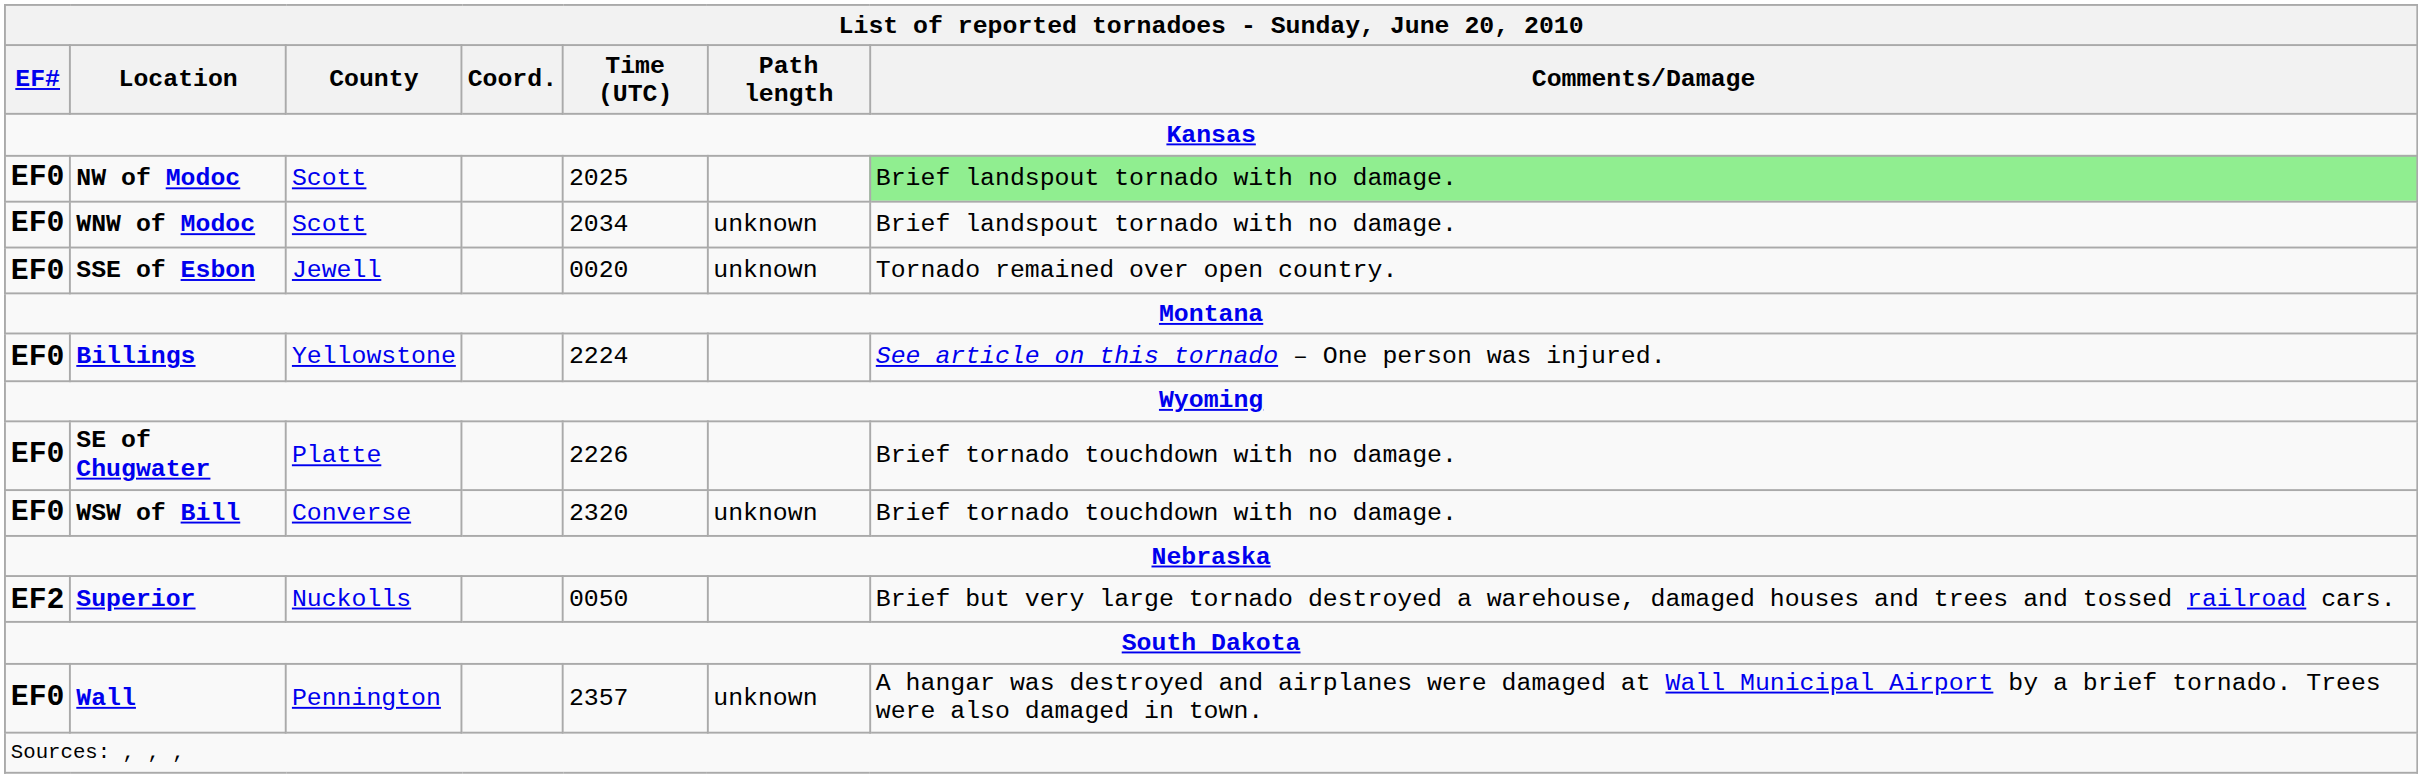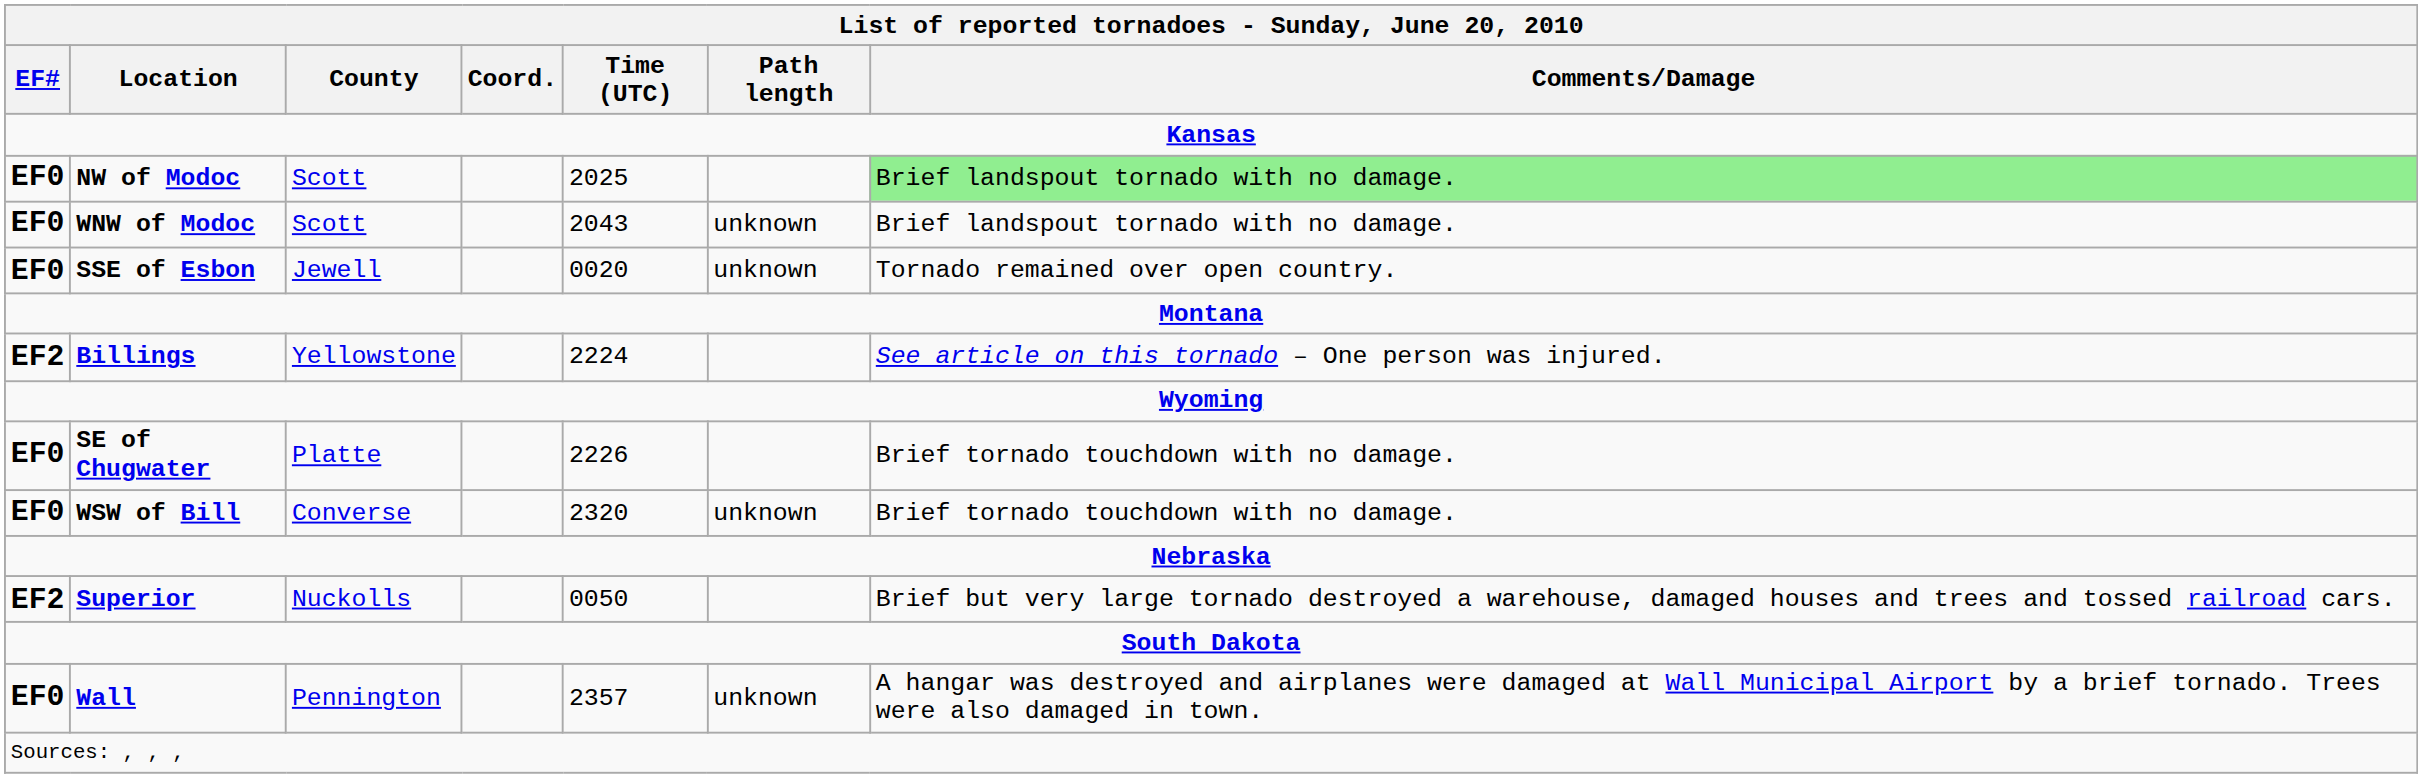 <table class="wikitable collapsible" width="100%">
 <tr>
 <th colspan="7">List of reported tornadoes - Sunday, June 20, 2010</th>
 </tr>
 <tr>
 <th><a href='#'>EF#</a></th>
 <th>Location</th>
 <th>County</th>
 <th>Coord.</th>
 <th>Time (UTC)</th>
 <th>Path length</th>
 <th>Comments/Damage</th>
 </tr>
 <tr>
 <td colspan="7" align=center><strong><a href='#'>Kansas</a></strong></td>
 </tr>
 <tr>
 <td><big><strong>EF0</strong></big></td>
 <td><strong>NW of <a href='#'>Modoc</a></strong></td>
 <td><a href='#'>Scott</a></td>
 <td></td>
 <td>2025</td>
 <td></td>
 <td style="background: lightgreen;">Brief landspout tornado with no damage.</td>
 </tr>
 <tr>
 <td><big><strong>EF0</strong></big></td>
 <td><strong>WNW of <a href='#'>Modoc</a></strong></td>
 <td><a href='#'>Scott</a></td>
 <td></td>
-<td>2034</td>
+<td>2043</td>
 <td>unknown</td>
 <td>Brief landspout tornado with no damage.</td>
 </tr>
 <tr>
 <td><big><strong>EF0</strong></big></td>
 <td><strong>SSE of <a href='#'>Esbon</a></strong></td>
 <td><a href='#'>Jewell</a></td>
 <td></td>
 <td>0020</td>
 <td>unknown</td>
 <td>Tornado remained over open country.</td>
 </tr>
 <tr>
 <td colspan="7" align=center><strong><a href='#'>Montana</a></strong></td>
 </tr>
 <tr>
-<td><big><strong>EF0</strong></big></td>
+<td><big><strong>EF2</strong></big></td>
 <td><strong><a href='#'>Billings</a></strong></td>
 <td><a href='#'>Yellowstone</a></td>
 <td></td>
 <td>2224</td>
 <td></td>
 <td><em><a href='#'>See article on this tornado</a></em> – One person was injured.</td>
 </tr>
 <tr>
 <td colspan="7" align=center><strong><a href='#'>Wyoming</a></strong></td>
 </tr>
 <tr>
 <td><big><strong>EF0</strong></big></td>
 <td><strong>SE of <a href='#'>Chugwater</a></strong></td>
 <td><a href='#'>Platte</a></td>
 <td></td>
 <td>2226</td>
 <td></td>
 <td>Brief tornado touchdown with no damage.</td>
 </tr>
 <tr>
 <td><big><strong>EF0</strong></big></td>
 <td><strong>WSW of <a href='#'>Bill</a></strong></td>
 <td><a href='#'>Converse</a></td>
 <td></td>
 <td>2320</td>
 <td>unknown</td>
 <td>Brief tornado touchdown with no damage.</td>
 </tr>
 <tr>
 <td colspan="7" align=center><strong><a href='#'>Nebraska</a></strong></td>
 </tr>
 <tr>
 <td><big><strong>EF2</strong></big></td>
 <td><strong><a href='#'>Superior</a></strong></td>
 <td><a href='#'>Nuckolls</a></td>
 <td></td>
 <td>0050</td>
 <td></td>
 <td>Brief but very large tornado destroyed a warehouse, damaged houses and trees and tossed <a href='#'>railroad</a> cars.</td>
 </tr>
 <tr>
 <td colspan="7" align=center><strong><a href='#'>South Dakota</a></strong></td>
 </tr>
 <tr>
 <td><big><strong>EF0</strong></big></td>
 <td><strong><a href='#'>Wall</a></strong></td>
 <td><a href='#'>Pennington</a></td>
 <td></td>
 <td>2357</td>
 <td>unknown</td>
 <td>A hangar was destroyed and airplanes were damaged at <a href='#'>Wall Municipal Airport</a> by a brief tornado. Trees were also damaged in town.</td>
 </tr>
 <tr>
 <td colspan="7"><small>Sources: , , , </small></td>
 </tr>
 </table>
